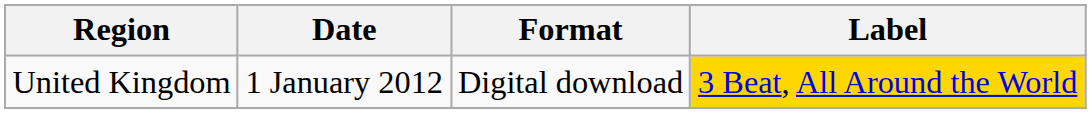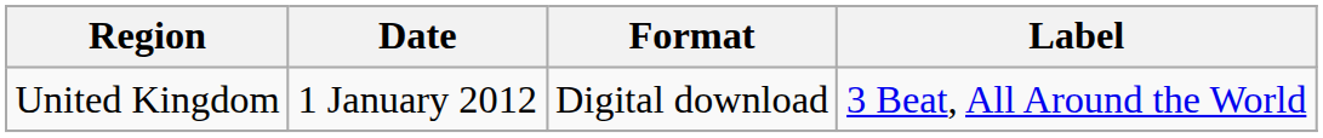 <table class=wikitable>
 <tr>
 <th>Region</th>
 <th>Date</th>
 <th>Format</th>
 <th>Label</th>
 </tr>
 <tr>
 <td>United Kingdom</td>
 <td>1 January 2012</td>
 <td>Digital download</td>
-<td style="background: gold;"><a href='#'>3 Beat</a>, <a href='#'>All Around the World</a></td>
+<td><a href='#'>3 Beat</a>, <a href='#'>All Around the World</a></td>
 </tr>
 <tr>
 </tr>
 </table>
